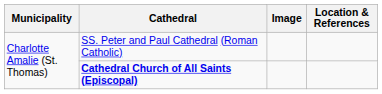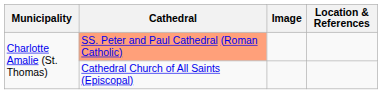 <table width=65% class="wikitable">
 <tr>
 <th width = 10%>Municipality</th>
 <th width = 40%>Cathedral</th>
 <th width = 5%>Image</th>
 <th width = 10%>Location & References</th>
 </tr>
 <tr>
 <td rowspan=2><a href='#'>Charlotte Amalie</a> (St. Thomas)</td>
-<td><a href='#'>SS. Peter and Paul Cathedral</a> <a href='#'>(Roman Catholic)</a></td>
+<td style="background: lightsalmon;"><a href='#'>SS. Peter and Paul Cathedral</a> <a href='#'>(Roman Catholic)</a></td>
 <td></td>
 <td><small></small><br></td>
 </tr>
 <tr>
-<td><strong><a href='#'>Cathedral Church of All Saints</a> <a href='#'>(Episcopal)</a></strong></td>
+<td><a href='#'>Cathedral Church of All Saints</a> <a href='#'>(Episcopal)</a></td>
 <td></td>
 <td><small></small><br></td>
 </tr>
 </table>
